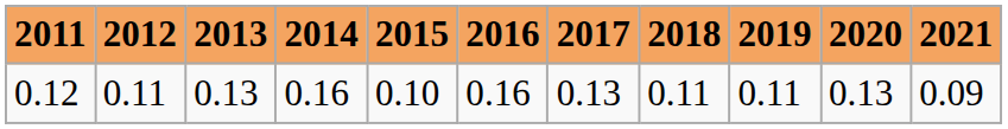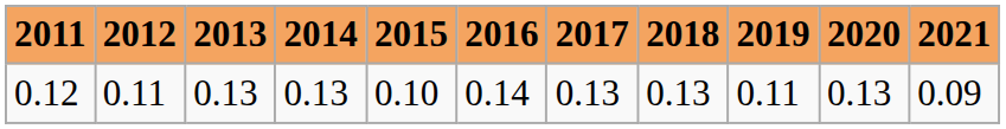 <table class="wikitable" border="1">
 <tr align="center" style="background:#f4a460;">
 <td><strong>2011</strong></td>
 <td><strong>2012</strong></td>
 <td><strong>2013</strong></td>
 <td><strong>2014</strong></td>
 <td><strong>2015</strong></td>
 <td><strong>2016</strong></td>
 <td><strong>2017</strong></td>
 <td><strong>2018</strong></td>
 <td><strong>2019</strong></td>
 <td><strong>2020</strong></td>
 <td><strong>2021</strong></td>
 </tr>
 <tr>
 <td>0.12</td>
 <td>0.11</td>
 <td>0.13</td>
-<td>0.16</td>
+<td>0.13</td>
 <td>0.10</td>
-<td>0.16</td>
+<td>0.14</td>
 <td>0.13</td>
-<td>0.11</td>
+<td>0.13</td>
 <td>0.11</td>
 <td>0.13</td>
 <td>0.09</td>
 </tr>
 </table>
